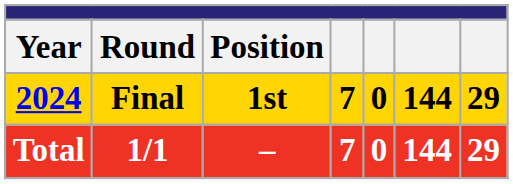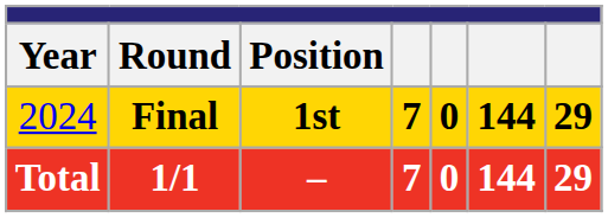 <table class="wikitable" style="text-align: center;">
 <tr>
 <th style="background:#282476;" colspan="7"><a href='#'></a></th>
 </tr>
 <tr>
 <th>Year</th>
 <th>Round</th>
 <th>Position</th>
 <th></th>
 <th></th>
 <th></th>
 <th></th>
 </tr>
 <tr style="background:#FFD604;">
-<td><strong> <a href='#'>2024</a></strong></td>
+<td> <a href='#'>2024</a></td>
 <td><strong>Final</strong></td>
 <td><strong>1st</strong></td>
 <td><strong>7</strong></td>
 <td><strong>0</strong></td>
 <td><strong>144</strong></td>
 <td><strong>29</strong></td>
 </tr>
 <tr>
 <th style="color:white; background:#EE3325;">Total</th>
 <th style="color:white; background:#EE3325;">1/1</th>
 <th style="color:white; background:#EE3325;">–</th>
 <th style="color:white; background:#EE3325;">7</th>
 <th style="color:white; background:#EE3325;">0</th>
 <th style="color:white; background:#EE3325;">144</th>
 <th style="color:white; background:#EE3325;">29</th>
 </tr>
 </table>
